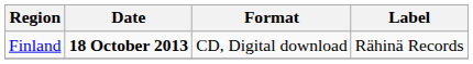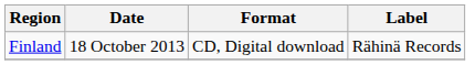 <table class=wikitable>
 <tr>
 <th>Region</th>
 <th>Date</th>
 <th>Format</th>
 <th>Label</th>
 </tr>
 <tr>
 <td><a href='#'>Finland</a></td>
-<td><strong>18 October 2013</strong></td>
+<td>18 October 2013</td>
 <td>CD, Digital download</td>
 <td>Rähinä Records</td>
 </tr>
 <tr>
 </tr>
 </table>
